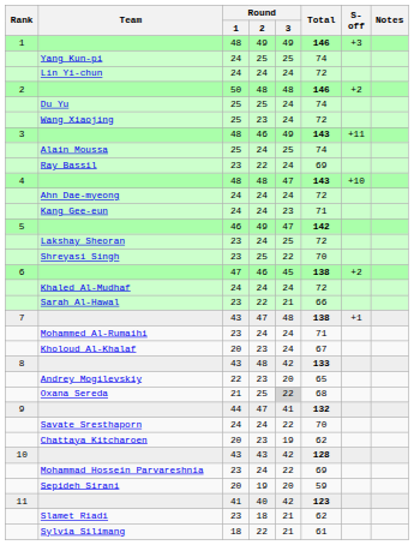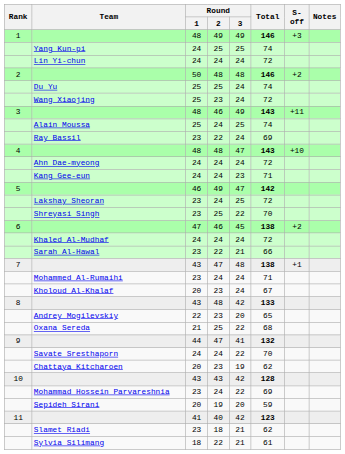 <table class="wikitable" style="text-align:center">
 <tr>
 <th rowspan=2 width=40>Rank</th>
 <th rowspan=2 width=250>Team</th>
 <th colspan=3>Round</th>
 <th rowspan=2 width=50>Total</th>
 <th rowspan=2 width=35>S-off</th>
 <th rowspan=2 width=45>Notes</th>
 </tr>
 <tr>
 <th width=30>1</th>
 <th width=30>2</th>
 <th width=30>3</th>
 </tr>
 <tr bgcolor="aaffaa">
 <td>1</td>
 <td align="left"></td>
 <td>48</td>
 <td>49</td>
 <td>49</td>
 <td><strong>146</strong></td>
 <td>+3</td>
 <td></td>
 </tr>
 <tr bgcolor="ccffcc">
 <td></td>
 <td align="left"><a href='#'>Yang Kun-pi</a></td>
 <td>24</td>
 <td>25</td>
 <td>25</td>
 <td>74</td>
 <td></td>
 <td></td>
 </tr>
 <tr bgcolor="ccffcc">
 <td></td>
 <td align="left"><a href='#'>Lin Yi-chun</a></td>
 <td>24</td>
 <td>24</td>
 <td>24</td>
 <td>72</td>
 <td></td>
 <td></td>
 </tr>
 <tr bgcolor="aaffaa">
 <td>2</td>
 <td align="left"></td>
 <td>50</td>
 <td>48</td>
 <td>48</td>
 <td><strong>146</strong></td>
 <td>+2</td>
 <td></td>
 </tr>
 <tr bgcolor="ccffcc">
 <td></td>
 <td align="left"><a href='#'>Du Yu</a></td>
 <td>25</td>
 <td>25</td>
 <td>24</td>
 <td>74</td>
 <td></td>
 <td></td>
 </tr>
 <tr bgcolor="ccffcc">
 <td></td>
 <td align="left"><a href='#'>Wang Xiaojing</a></td>
 <td>25</td>
 <td>23</td>
 <td>24</td>
 <td>72</td>
 <td></td>
 <td></td>
 </tr>
 <tr bgcolor="aaffaa">
 <td>3</td>
 <td align="left"></td>
 <td>48</td>
 <td>46</td>
 <td>49</td>
 <td><strong>143</strong></td>
 <td>+11</td>
 <td></td>
 </tr>
 <tr bgcolor="ccffcc">
 <td></td>
 <td align="left"><a href='#'>Alain Moussa</a></td>
 <td>25</td>
 <td>24</td>
 <td>25</td>
 <td>74</td>
 <td></td>
 <td></td>
 </tr>
 <tr bgcolor="ccffcc">
 <td></td>
 <td align="left"><a href='#'>Ray Bassil</a></td>
 <td>23</td>
 <td>22</td>
 <td>24</td>
 <td>69</td>
 <td></td>
 <td></td>
 </tr>
 <tr bgcolor="aaffaa">
 <td>4</td>
 <td align="left"></td>
 <td>48</td>
 <td>48</td>
 <td>47</td>
 <td><strong>143</strong></td>
 <td>+10</td>
 <td></td>
 </tr>
 <tr bgcolor="ccffcc">
 <td></td>
 <td align="left"><a href='#'>Ahn Dae-myeong</a></td>
 <td>24</td>
 <td>24</td>
 <td>24</td>
 <td>72</td>
 <td></td>
 <td></td>
 </tr>
 <tr bgcolor="ccffcc">
 <td></td>
 <td align="left"><a href='#'>Kang Gee-eun</a></td>
 <td>24</td>
 <td>24</td>
 <td>23</td>
 <td>71</td>
 <td></td>
 <td></td>
 </tr>
 <tr bgcolor="aaffaa">
 <td>5</td>
 <td align="left"></td>
 <td>46</td>
 <td>49</td>
 <td>47</td>
 <td><strong>142</strong></td>
 <td></td>
 <td></td>
 </tr>
 <tr bgcolor="ccffcc">
 <td></td>
 <td align="left"><a href='#'>Lakshay Sheoran</a></td>
 <td>23</td>
 <td>24</td>
 <td>25</td>
 <td>72</td>
 <td></td>
 <td></td>
 </tr>
 <tr bgcolor="ccffcc">
 <td></td>
 <td align="left"><a href='#'>Shreyasi Singh</a></td>
 <td>23</td>
 <td>25</td>
 <td>22</td>
 <td>70</td>
 <td></td>
 <td></td>
 </tr>
 <tr bgcolor="aaffaa">
 <td>6</td>
 <td align="left"></td>
 <td>47</td>
 <td>46</td>
 <td>45</td>
 <td><strong>138</strong></td>
 <td>+2</td>
 <td></td>
 </tr>
 <tr bgcolor="ccffcc">
 <td></td>
 <td align="left"><a href='#'>Khaled Al-Mudhaf</a></td>
 <td>24</td>
 <td>24</td>
 <td>24</td>
 <td>72</td>
 <td></td>
 <td></td>
 </tr>
 <tr bgcolor="ccffcc">
 <td></td>
 <td align="left"><a href='#'>Sarah Al-Hawal</a></td>
 <td>23</td>
 <td>22</td>
 <td>21</td>
 <td>66</td>
 <td></td>
 <td></td>
 </tr>
 <tr bgcolor="#eeeeee">
 <td>7</td>
 <td align="left"></td>
 <td>43</td>
 <td>47</td>
 <td>48</td>
 <td><strong>138</strong></td>
 <td>+1</td>
 <td></td>
 </tr>
 <tr>
 <td></td>
 <td align="left"><a href='#'>Mohammed Al-Rumaihi</a></td>
 <td>23</td>
 <td>24</td>
 <td>24</td>
 <td>71</td>
 <td></td>
 <td></td>
 </tr>
 <tr>
 <td></td>
 <td align="left"><a href='#'>Kholoud Al-Khalaf</a></td>
 <td>20</td>
 <td>23</td>
 <td>24</td>
 <td>67</td>
 <td></td>
 <td></td>
 </tr>
 <tr bgcolor="#eeeeee">
 <td>8</td>
 <td align="left"></td>
 <td>43</td>
 <td>48</td>
 <td>42</td>
 <td><strong>133</strong></td>
 <td></td>
 <td></td>
 </tr>
 <tr>
 <td></td>
 <td align="left"><a href='#'>Andrey Mogilevskiy</a></td>
 <td>22</td>
 <td>23</td>
 <td>20</td>
 <td>65</td>
 <td></td>
 <td></td>
 </tr>
 <tr>
 <td></td>
 <td align="left"><a href='#'>Oxana Sereda</a></td>
 <td>21</td>
 <td>25</td>
-<td style="background: lightgrey;">22</td>
+<td>22</td>
 <td>68</td>
 <td></td>
 <td></td>
 </tr>
 <tr bgcolor="#eeeeee">
 <td>9</td>
 <td align="left"></td>
 <td>44</td>
 <td>47</td>
 <td>41</td>
 <td><strong>132</strong></td>
 <td></td>
 <td></td>
 </tr>
 <tr>
 <td></td>
 <td align="left"><a href='#'>Savate Sresthaporn</a></td>
 <td>24</td>
 <td>24</td>
 <td>22</td>
 <td>70</td>
 <td></td>
 <td></td>
 </tr>
 <tr>
 <td></td>
 <td align="left"><a href='#'>Chattaya Kitcharoen</a></td>
 <td>20</td>
 <td>23</td>
 <td>19</td>
 <td>62</td>
 <td></td>
 <td></td>
 </tr>
 <tr bgcolor="#eeeeee">
 <td>10</td>
 <td align="left"></td>
 <td>43</td>
 <td>43</td>
 <td>42</td>
 <td><strong>128</strong></td>
 <td></td>
 <td></td>
 </tr>
 <tr>
 <td></td>
 <td align="left"><a href='#'>Mohammad Hossein Parvareshnia</a></td>
 <td>23</td>
 <td>24</td>
 <td>22</td>
 <td>69</td>
 <td></td>
 <td></td>
 </tr>
 <tr>
 <td></td>
 <td align="left"><a href='#'>Sepideh Sirani</a></td>
 <td>20</td>
 <td>19</td>
 <td>20</td>
 <td>59</td>
 <td></td>
 <td></td>
 </tr>
 <tr bgcolor="#eeeeee">
 <td>11</td>
 <td align="left"></td>
 <td>41</td>
 <td>40</td>
 <td>42</td>
 <td><strong>123</strong></td>
 <td></td>
 <td></td>
 </tr>
 <tr>
 <td></td>
 <td align="left"><a href='#'>Slamet Riadi</a></td>
 <td>23</td>
 <td>18</td>
 <td>21</td>
 <td>62</td>
 <td></td>
 <td></td>
 </tr>
 <tr>
 <td></td>
 <td align="left"><a href='#'>Sylvia Silimang</a></td>
 <td>18</td>
 <td>22</td>
 <td>21</td>
 <td>61</td>
 <td></td>
 <td></td>
 </tr>
 </table>
